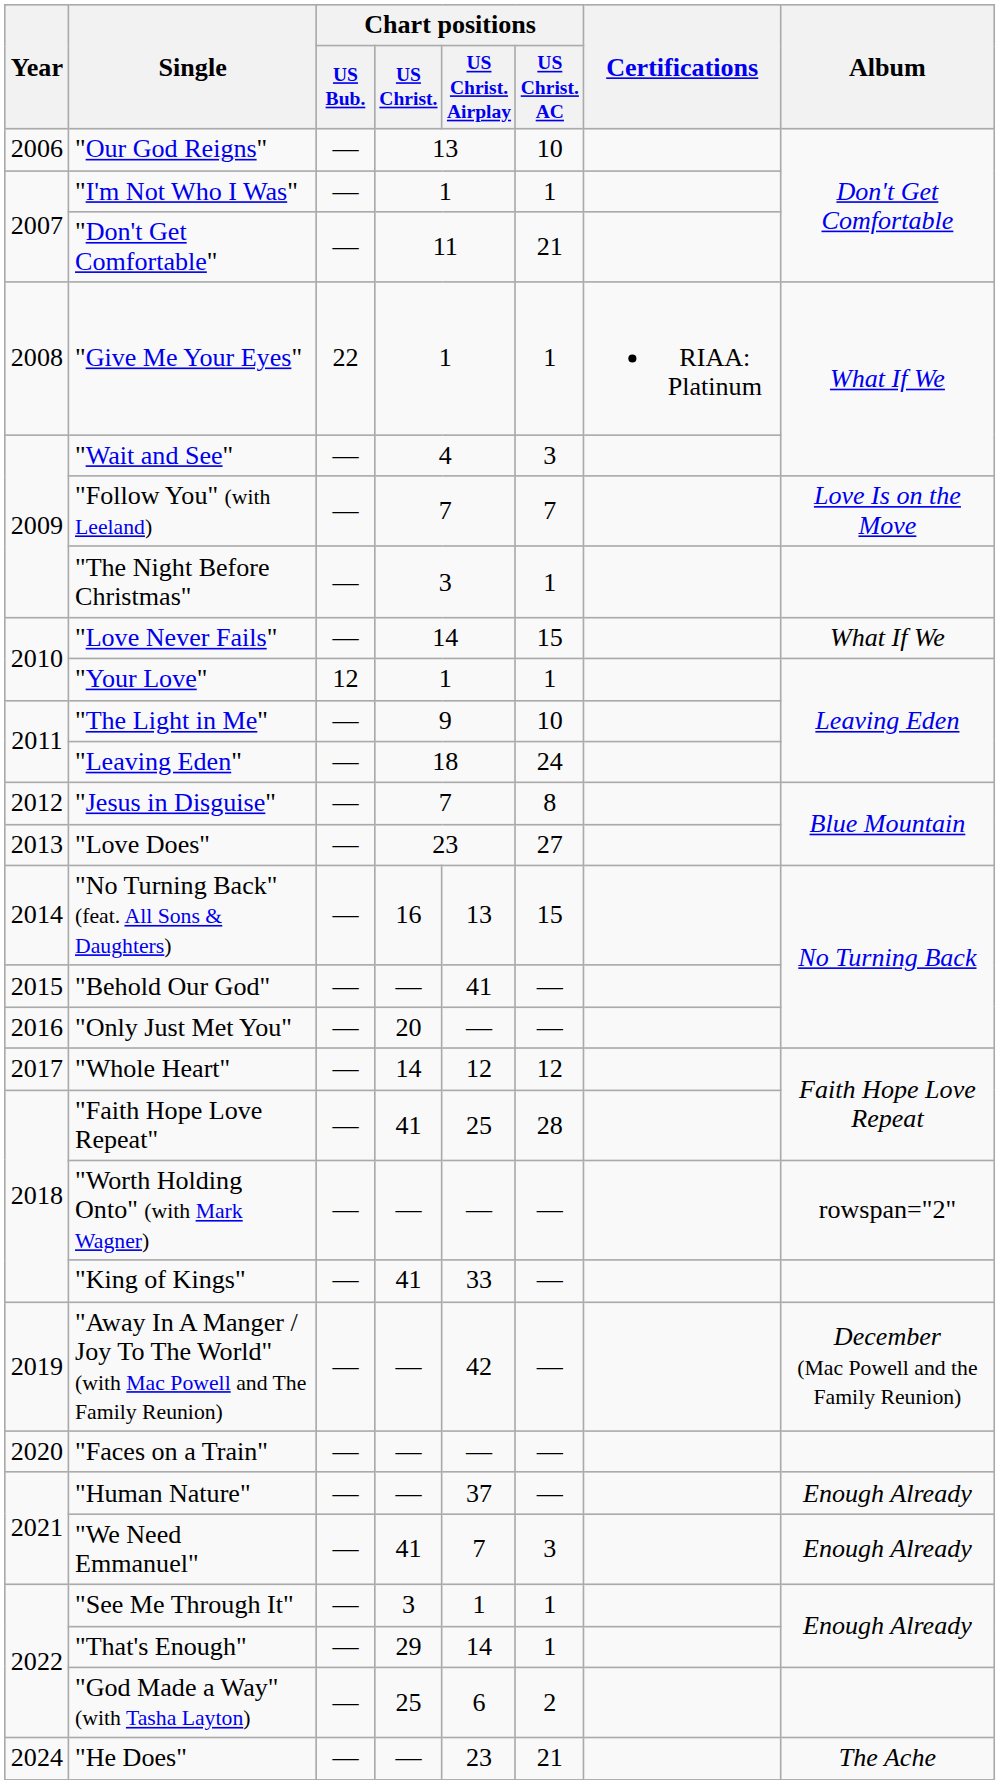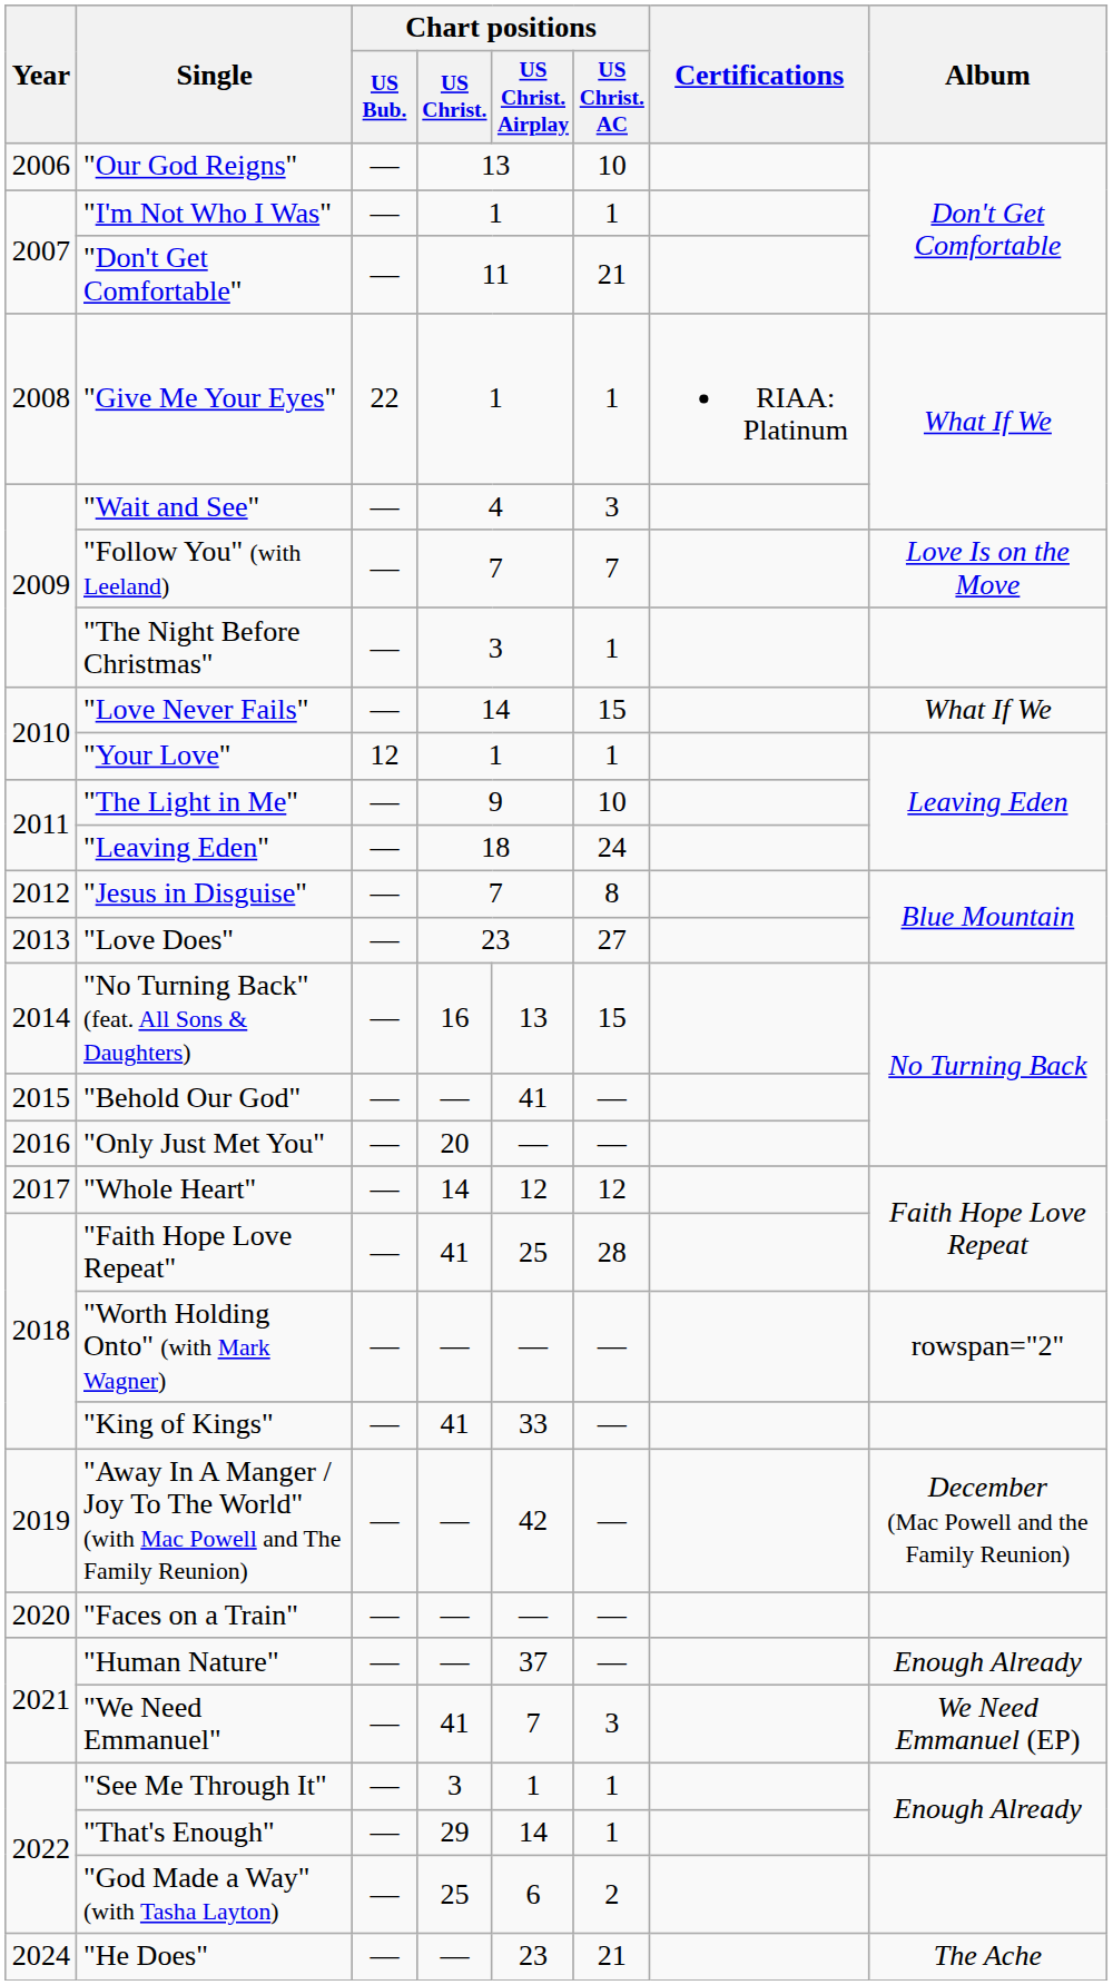 <table class="wikitable" style="text-align:center;">
 <tr>
 <th rowspan="2">Year</th>
 <th rowspan="2">Single</th>
 <th colspan="4">Chart positions</th>
 <th scope="col" rowspan="2"><a href='#'>Certifications</a></th>
 <th rowspan="2">Album</th>
 </tr>
 <tr style="font-size:smaller;">
 <th scope="col" style="width:2.5em;font-size:90%;"><a href='#'>US<br>Bub.</a><br></th>
 <th scope="col" style="width:2.5em;font-size:90%;"><a href='#'>US<br>Christ.</a><br></th>
 <th style="width:3em; font-size:90%"><a href='#'>US<br>Christ.<br>Airplay</a><br></th>
 <th style="width:3em; font-size:90%"><a href='#'>US<br>Christ.<br>AC</a><br></th>
 </tr>
 <tr>
 <td>2006</td>
 <td style="text-align:left;">"<a href='#'>Our God Reigns</a>"</td>
 <td>—</td>
 <td colspan="2">13</td>
 <td>10</td>
 <td></td>
 <td rowspan="3"><em><a href='#'>Don't Get Comfortable</a></em></td>
 </tr>
 <tr>
 <td rowspan="2">2007</td>
 <td style="text-align:left;">"<a href='#'>I'm Not Who I Was</a>"</td>
 <td>—</td>
 <td colspan="2">1</td>
 <td>1</td>
 <td></td>
 </tr>
 <tr>
 <td style="text-align:left;">"<a href='#'>Don't Get Comfortable</a>"</td>
 <td>—</td>
 <td colspan="2">11</td>
 <td>21</td>
 <td></td>
 </tr>
 <tr>
 <td>2008</td>
 <td style="text-align:left;">"<a href='#'>Give Me Your Eyes</a>"</td>
 <td>22</td>
 <td colspan="2">1</td>
 <td>1</td>
 <td><br><ul><li>RIAA: Platinum</li></ul></td>
 <td rowspan="2"><em><a href='#'>What If We</a></em></td>
 </tr>
 <tr>
 <td rowspan="3">2009</td>
 <td style="text-align:left;">"<a href='#'>Wait and See</a>"</td>
 <td>—</td>
 <td colspan="2">4</td>
 <td>3</td>
 <td></td>
 </tr>
 <tr>
 <td style="text-align:left;">"Follow You" <small>(with <a href='#'>Leeland</a>)</small></td>
 <td>—</td>
 <td colspan="2">7</td>
 <td>7</td>
 <td></td>
 <td><em><a href='#'>Love Is on the Move</a></em></td>
 </tr>
 <tr>
 <td style="text-align:left;">"The Night Before Christmas"</td>
 <td>—</td>
 <td colspan="2">3</td>
 <td>1</td>
 <td></td>
 <td></td>
 </tr>
 <tr>
 <td rowspan="2">2010</td>
 <td style="text-align:left;">"<a href='#'>Love Never Fails</a>"</td>
 <td>—</td>
 <td colspan="2">14</td>
 <td>15</td>
 <td></td>
 <td><em>What If We</em></td>
 </tr>
 <tr>
 <td style="text-align:left;">"<a href='#'>Your Love</a>"</td>
 <td>12</td>
 <td colspan="2">1</td>
 <td>1</td>
 <td></td>
 <td rowspan="3"><em><a href='#'>Leaving Eden</a></em></td>
 </tr>
 <tr>
 <td rowspan="2">2011</td>
 <td style="text-align:left;">"<a href='#'>The Light in Me</a>"</td>
 <td>—</td>
 <td colspan="2">9</td>
 <td>10</td>
 <td></td>
 </tr>
 <tr>
 <td style="text-align:left;">"<a href='#'>Leaving Eden</a>"</td>
 <td>—</td>
 <td colspan="2">18</td>
 <td>24</td>
 <td></td>
 </tr>
 <tr>
 <td>2012</td>
 <td style="text-align:left;">"<a href='#'>Jesus in Disguise</a>"</td>
 <td>—</td>
 <td colspan="2">7</td>
 <td>8</td>
 <td></td>
 <td rowspan="2"><em><a href='#'>Blue Mountain</a></em></td>
 </tr>
 <tr>
 <td>2013</td>
 <td style="text-align:left;">"Love Does"</td>
 <td>—</td>
 <td colspan="2">23</td>
 <td>27</td>
 <td></td>
 </tr>
 <tr>
 <td>2014</td>
 <td style="text-align:left;">"No Turning Back"<br><small>(feat. <a href='#'>All Sons & Daughters</a>)</small></td>
 <td>—</td>
 <td>16</td>
 <td>13</td>
 <td>15</td>
 <td></td>
 <td rowspan="3"><em><a href='#'>No Turning Back</a></em></td>
 </tr>
 <tr>
 <td>2015</td>
 <td style="text-align:left;">"Behold Our God"</td>
 <td>—</td>
 <td>—</td>
 <td>41</td>
 <td>—</td>
 <td></td>
 </tr>
 <tr>
 <td>2016</td>
 <td style="text-align:left;">"Only Just Met You"</td>
 <td>—</td>
 <td>20</td>
 <td>—</td>
 <td>—</td>
 <td></td>
 </tr>
 <tr>
 <td>2017</td>
 <td style="text-align:left;">"Whole Heart"</td>
 <td>—</td>
 <td>14</td>
 <td>12</td>
 <td>12</td>
 <td></td>
 <td rowspan="2"><em>Faith Hope Love Repeat</em></td>
 </tr>
 <tr>
 <td rowspan="3">2018</td>
 <td style="text-align:left;">"Faith Hope Love Repeat"</td>
 <td>—</td>
 <td>41</td>
 <td>25</td>
 <td>28</td>
 <td></td>
 </tr>
 <tr>
 <td style="text-align:left;">"Worth Holding Onto" <small>(with <a href='#'>Mark Wagner</a>)</small></td>
 <td>—</td>
 <td>—</td>
 <td>—</td>
 <td>—</td>
 <td></td>
 <td>rowspan="2" </td>
 </tr>
 <tr>
 <td style="text-align:left;">"King of Kings"</td>
 <td>—</td>
 <td>41</td>
 <td>33</td>
 <td>—</td>
 <td></td>
 </tr>
 <tr>
 <td>2019</td>
 <td style="text-align:left;">"Away In A Manger / Joy To The World"<br><small>(with <a href='#'>Mac Powell</a> and The Family Reunion)</small></td>
 <td>—</td>
 <td>—</td>
 <td>42</td>
 <td>—</td>
 <td></td>
 <td><em>December</em><br><small>(Mac Powell and the Family Reunion)</small></td>
 </tr>
 <tr>
 <td>2020</td>
 <td style="text-align:left;">"Faces on a Train"</td>
 <td>—</td>
 <td>—</td>
 <td>—</td>
 <td>—</td>
 <td></td>
 <td></td>
 </tr>
 <tr>
 <td rowspan="2">2021</td>
 <td style="text-align:left;">"Human Nature"</td>
 <td>—</td>
 <td>—</td>
 <td>37</td>
 <td>—</td>
 <td></td>
 <td><em>Enough Already</em></td>
 </tr>
 <tr>
 <td style="text-align:left;">"We Need Emmanuel"</td>
 <td>—</td>
 <td>41</td>
 <td>7</td>
 <td>3</td>
 <td></td>
-<td><em>Enough Already</em></td>
+<td><em>We Need Emmanuel</em> (EP)</td>
 </tr>
 <tr>
 <td rowspan="3">2022</td>
 <td style="text-align:left;">"See Me Through It"</td>
 <td>—</td>
 <td>3</td>
 <td>1</td>
 <td>1</td>
 <td></td>
 <td rowspan="2"><em>Enough Already</em></td>
 </tr>
 <tr>
 <td style="text-align:left;">"That's Enough"</td>
 <td>—</td>
 <td>29</td>
 <td>14</td>
 <td>1</td>
 <td></td>
 </tr>
 <tr>
 <td align="left">"God Made a Way"<br><small>(with <a href='#'>Tasha Layton</a>)</small></td>
 <td>—</td>
 <td>25</td>
 <td>6</td>
 <td>2</td>
 <td></td>
 <td></td>
 </tr>
 <tr>
 <td>2024</td>
 <td style="text-align:left;">"He Does"</td>
 <td>—</td>
 <td>—</td>
 <td>23</td>
 <td>21</td>
 <td></td>
 <td><em>The Ache</em></td>
 </tr>
 </table>
